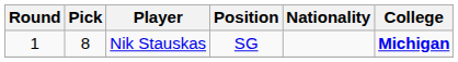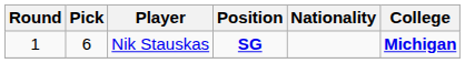 <table class="wikitable sortable sortable">
 <tr>
 <th>Round</th>
 <th>Pick</th>
 <th>Player</th>
 <th>Position</th>
 <th>Nationality</th>
 <th>College</th>
 </tr>
 <tr style="text-align: center">
 <td>1</td>
-<td>8</td>
+<td>6</td>
 <td><a href='#'>Nik Stauskas</a></td>
-<td><a href='#'>SG</a></td>
+<td><strong><a href='#'>SG</a></strong></td>
 <td></td>
 <td><strong><a href='#'>Michigan</a></strong></td>
 </tr>
 <tr style="text-align: center">
 </tr>
 </table>
